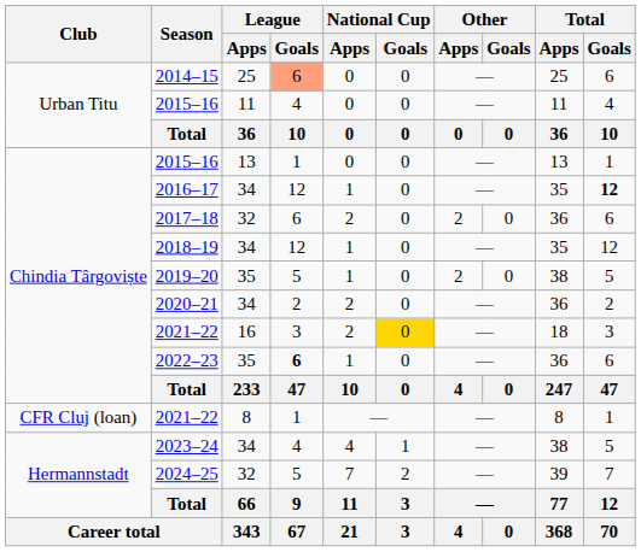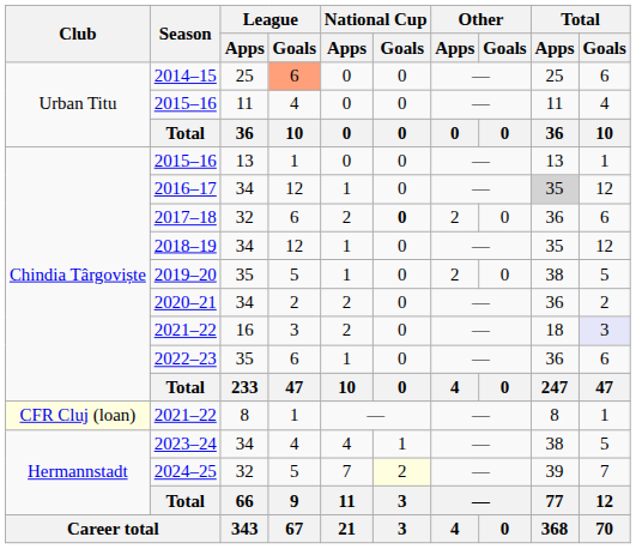 <table class="wikitable" style="text-align:center">
 <tr>
 <th rowspan="2">Club</th>
 <th rowspan="2">Season</th>
 <th colspan="2">League</th>
 <th colspan="2">National Cup</th>
 <th colspan="2">Other</th>
 <th colspan="2">Total</th>
 </tr>
 <tr>
 <th>Apps</th>
 <th>Goals</th>
 <th>Apps</th>
 <th>Goals</th>
 <th>Apps</th>
 <th>Goals</th>
 <th>Apps</th>
 <th>Goals</th>
 </tr>
 <tr>
 <td rowspan="3">Urban Titu</td>
 <td><a href='#'>2014–15</a></td>
 <td>25</td>
 <td style="background: lightsalmon;">6</td>
 <td>0</td>
 <td>0</td>
 <td colspan="2">—</td>
 <td>25</td>
 <td>6</td>
 </tr>
 <tr>
 <td><a href='#'>2015–16</a></td>
 <td>11</td>
 <td>4</td>
 <td>0</td>
 <td>0</td>
 <td colspan="2">—</td>
 <td>11</td>
 <td>4</td>
 </tr>
 <tr>
 <th>Total</th>
 <th>36</th>
 <th>10</th>
 <th>0</th>
 <th>0</th>
 <th>0</th>
 <th>0</th>
 <th>36</th>
 <th>10</th>
 </tr>
 <tr>
 <td rowspan="9"><a href='#'>Chindia Târgoviște</a></td>
 <td><a href='#'>2015–16</a></td>
 <td>13</td>
 <td>1</td>
 <td>0</td>
 <td>0</td>
 <td colspan="2">—</td>
 <td>13</td>
 <td>1</td>
 </tr>
 <tr>
 <td><a href='#'>2016–17</a></td>
 <td>34</td>
 <td>12</td>
 <td>1</td>
 <td>0</td>
 <td colspan="2">—</td>
-<td>35</td>
-<td><strong>12</strong></td>
+<td style="background: lightgrey;">35</td>
+<td>12</td>
 </tr>
 <tr>
 <td><a href='#'>2017–18</a></td>
 <td>32</td>
 <td>6</td>
 <td>2</td>
-<td>0</td>
+<td><strong>0</strong></td>
 <td>2</td>
 <td>0</td>
 <td>36</td>
 <td>6</td>
 </tr>
 <tr>
 <td><a href='#'>2018–19</a></td>
 <td>34</td>
 <td>12</td>
 <td>1</td>
 <td>0</td>
 <td colspan="2">—</td>
 <td>35</td>
 <td>12</td>
 </tr>
 <tr>
 <td><a href='#'>2019–20</a></td>
 <td>35</td>
 <td>5</td>
 <td>1</td>
 <td>0</td>
 <td>2</td>
 <td>0</td>
 <td>38</td>
 <td>5</td>
 </tr>
 <tr>
 <td><a href='#'>2020–21</a></td>
 <td>34</td>
 <td>2</td>
 <td>2</td>
 <td>0</td>
 <td colspan="2">—</td>
 <td>36</td>
 <td>2</td>
 </tr>
 <tr>
 <td><a href='#'>2021–22</a></td>
 <td>16</td>
 <td>3</td>
 <td>2</td>
-<td style="background: gold;">0</td>
+<td>0</td>
 <td colspan="2">—</td>
 <td>18</td>
-<td>3</td>
+<td style="background: lavender;">3</td>
 </tr>
 <tr>
 <td><a href='#'>2022–23</a></td>
 <td>35</td>
-<td><strong>6</strong></td>
+<td>6</td>
 <td>1</td>
 <td>0</td>
 <td colspan="2">—</td>
 <td>36</td>
 <td>6</td>
 </tr>
 <tr>
 <th>Total</th>
 <th>233</th>
 <th>47</th>
 <th>10</th>
 <th>0</th>
 <th>4</th>
 <th>0</th>
 <th>247</th>
 <th>47</th>
 </tr>
 <tr>
-<td><a href='#'>CFR Cluj</a> (loan)</td>
+<td style="background: lightyellow;"><a href='#'>CFR Cluj</a> (loan)</td>
 <td><a href='#'>2021–22</a></td>
 <td>8</td>
 <td>1</td>
 <td colspan="2">—</td>
 <td colspan="2">—</td>
 <td>8</td>
 <td>1</td>
 </tr>
 <tr>
 <td rowspan="3"><a href='#'>Hermannstadt</a></td>
 <td><a href='#'>2023–24</a></td>
 <td>34</td>
 <td>4</td>
 <td>4</td>
 <td>1</td>
 <td colspan="2">—</td>
 <td>38</td>
 <td>5</td>
 </tr>
 <tr>
 <td><a href='#'>2024–25</a></td>
 <td>32</td>
 <td>5</td>
 <td>7</td>
-<td>2</td>
+<td style="background: lightyellow;">2</td>
 <td colspan="2">—</td>
 <td>39</td>
 <td>7</td>
 </tr>
 <tr>
 <th>Total</th>
 <th>66</th>
 <th>9</th>
 <th>11</th>
 <th>3</th>
 <th colspan="2">—</th>
 <th>77</th>
 <th>12</th>
 </tr>
 <tr>
 <th colspan="2">Career total</th>
 <th>343</th>
 <th>67</th>
 <th>21</th>
 <th>3</th>
 <th>4</th>
 <th>0</th>
 <th>368</th>
 <th>70</th>
 </tr>
 </table>
